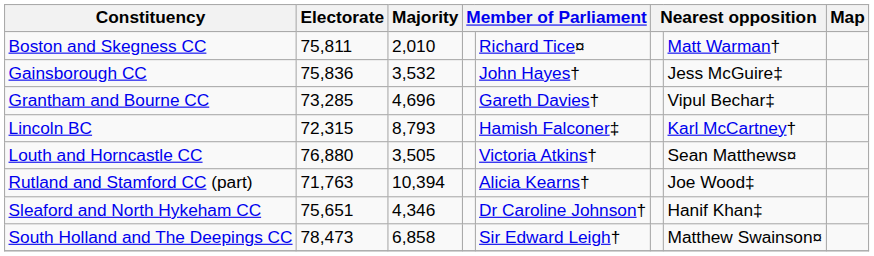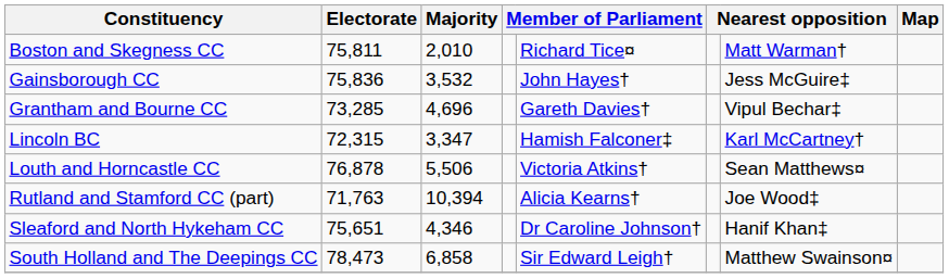 <table class="wikitable sortable">
 <tr>
 <th rowspan="1">Constituency</th>
 <th rowspan="1">Electorate</th>
 <th rowspan="1">Majority</th>
 <th class="unsortable" colspan="2"><a href='#'>Member of Parliament</a></th>
 <th class="unsortable" colspan="2">Nearest opposition<br></th>
 <th class="unsortable" rowspan="1">Map</th>
 </tr>
 <tr>
 <td><a href='#'>Boston and Skegness CC</a></td>
 <td>75,811</td>
 <td>2,010</td>
 <td style="color:inherit;background:"> </td>
 <td><a href='#'>Richard Tice</a>¤</td>
 <td style="color:inherit;background:"> </td>
 <td><a href='#'>Matt Warman</a>†</td>
 <td></td>
 </tr>
 <tr>
 <td><a href='#'>Gainsborough CC</a></td>
 <td>75,836</td>
 <td>3,532</td>
 <td style="color:inherit;background:"> </td>
 <td><a href='#'>John Hayes</a>†</td>
 <td style="color:inherit;background:"> </td>
 <td>Jess McGuire‡</td>
 <td></td>
 </tr>
 <tr>
 <td><a href='#'>Grantham and Bourne CC</a></td>
 <td>73,285</td>
 <td>4,696</td>
 <td style="color:inherit;background:"> </td>
 <td><a href='#'>Gareth Davies</a>†</td>
 <td style="color:inherit;background:"> </td>
 <td>Vipul Bechar‡</td>
 <td></td>
 </tr>
 <tr>
 <td><a href='#'>Lincoln BC</a></td>
 <td>72,315</td>
-<td>8,793</td>
+<td>3,347</td>
 <td style="color:inherit;background:"> </td>
 <td><a href='#'>Hamish Falconer</a>‡</td>
 <td style="color:inherit;background:"> </td>
 <td><a href='#'>Karl McCartney</a>†</td>
 <td></td>
 </tr>
 <tr>
 <td><a href='#'>Louth and Horncastle CC</a></td>
-<td>76,880</td>
-<td>3,505</td>
+<td>76,878</td>
+<td>5,506</td>
 <td style="color:inherit;background:"> </td>
 <td><a href='#'>Victoria Atkins</a>†</td>
 <td style="color:inherit;background:"> </td>
 <td>Sean Matthews¤</td>
 <td></td>
 </tr>
 <tr>
 <td><a href='#'>Rutland and Stamford CC</a> (part)</td>
 <td>71,763</td>
 <td>10,394</td>
 <td style="color:inherit;background:"> </td>
 <td><a href='#'>Alicia Kearns</a>†</td>
 <td style="color:inherit;background:"> </td>
 <td>Joe Wood‡</td>
 <td></td>
 </tr>
 <tr>
 <td><a href='#'>Sleaford and North Hykeham CC</a></td>
 <td>75,651</td>
 <td>4,346</td>
 <td style="color:inherit;background:"> </td>
 <td><a href='#'>Dr Caroline Johnson</a>†</td>
 <td style="color:inherit;background:"> </td>
 <td>Hanif Khan‡</td>
 <td></td>
 </tr>
 <tr>
 <td><a href='#'>South Holland and The Deepings CC</a></td>
 <td>78,473</td>
 <td>6,858</td>
 <td style="color:inherit;background:"> </td>
 <td><a href='#'>Sir Edward Leigh</a>†</td>
 <td style="color:inherit;background:"> </td>
 <td>Matthew Swainson¤</td>
 <td></td>
 </tr>
 <tr>
 </tr>
 </table>
